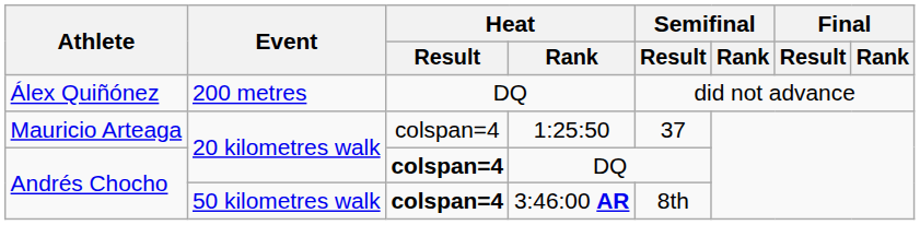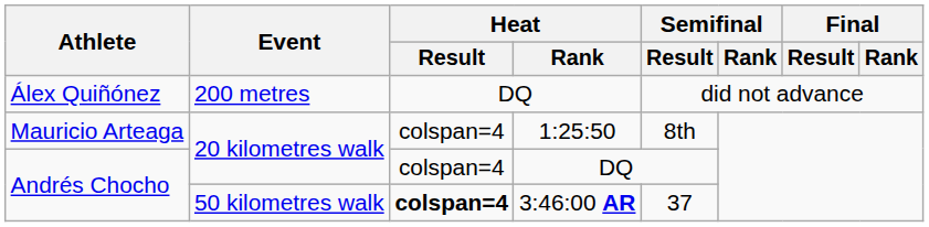 <table class="wikitable" style="font-size:90%">
 <tr>
 <th rowspan="2">Athlete</th>
 <th rowspan="2">Event</th>
 <th colspan="2">Heat</th>
 <th colspan="2">Semifinal</th>
 <th colspan="2">Final</th>
 </tr>
 <tr style="font-size:95%">
 <th>Result</th>
 <th>Rank</th>
 <th>Result</th>
 <th>Rank</th>
 <th>Result</th>
 <th>Rank</th>
 </tr>
 <tr style=text-align:center>
 <td style=text-align:left><a href='#'>Álex Quiñónez</a></td>
 <td style=text-align:left><a href='#'>200 metres</a></td>
 <td colspan=2>DQ</td>
 <td colspan=4>did not advance</td>
 </tr>
 <tr style=text-align:center>
 <td style=text-align:left><a href='#'>Mauricio Arteaga</a></td>
 <td style=text-align:left rowspan=2><a href='#'>20 kilometres walk</a></td>
 <td>colspan=4 </td>
 <td>1:25:50</td>
-<td>37</td>
+<td>8th</td>
 </tr>
 <tr style=text-align:center>
 <td style=text-align:left rowspan=2><a href='#'>Andrés Chocho</a></td>
-<td><strong>colspan=4 </strong></td>
+<td>colspan=4 </td>
 <td colspan=2>DQ</td>
 </tr>
 <tr style=text-align:center>
 <td style=text-align:left><a href='#'>50 kilometres walk</a></td>
 <td><strong>colspan=4 </strong></td>
 <td>3:46:00 <strong><a href='#'>AR</a></strong></td>
-<td>8th</td>
+<td>37</td>
 </tr>
 </table>
